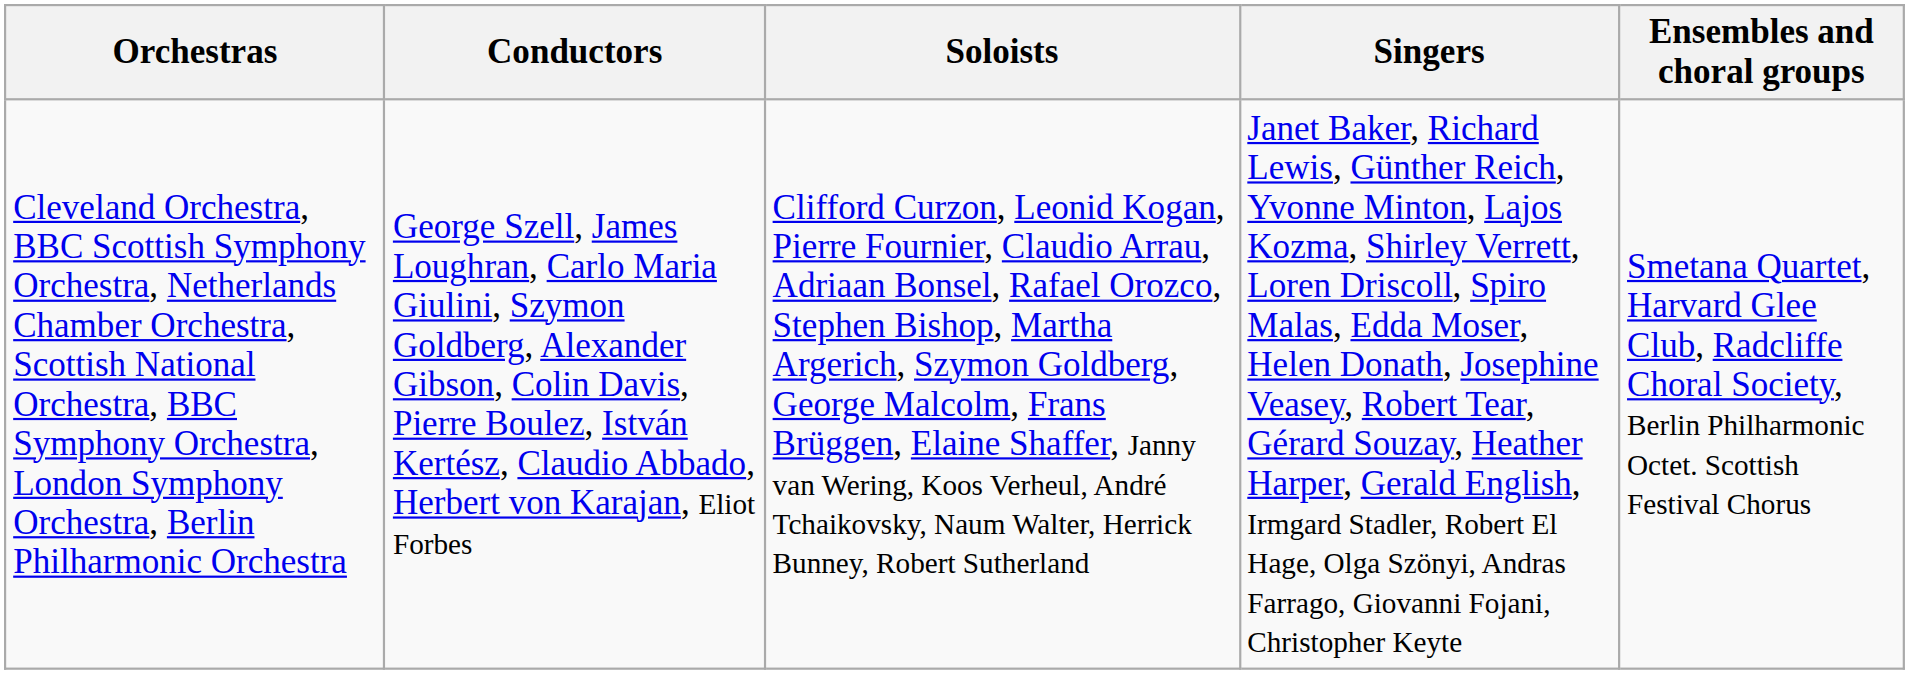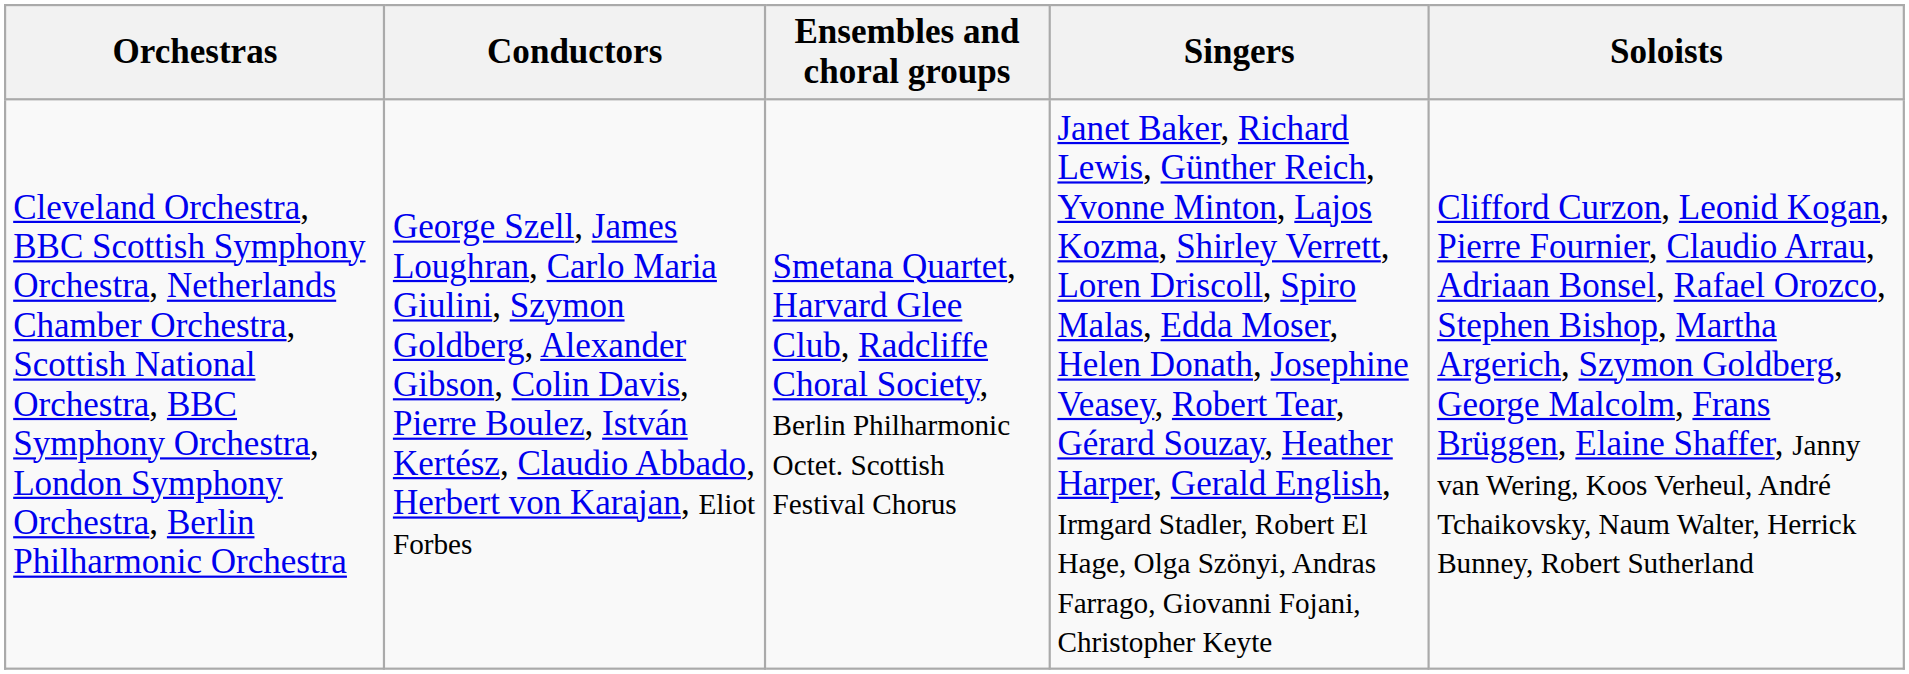 <table class="wikitable toptextcells">
 <tr class="hintergrundfarbe5">
 <th style="width:20%;">Orchestras</th>
 <th style="width:20%;">Conductors</th>
+<th style="width:15%;">Ensembles and choral groups</th>
+<th style="width:20%;">Singers</th>
 <th style="width:25%;">Soloists</th>
-<th style="width:20%;">Singers</th>
-<th style="width:15%;">Ensembles and choral groups</th>
 </tr>
 <tr>
 <td><a href='#'>Cleveland Orchestra</a>, <a href='#'>BBC Scottish Symphony Orchestra</a>, <a href='#'>Netherlands Chamber Orchestra</a>, <a href='#'>Scottish National Orchestra</a>, <a href='#'>BBC Symphony Orchestra</a>, <a href='#'>London Symphony Orchestra</a>, <a href='#'>Berlin Philharmonic Orchestra</a></td>
 <td><a href='#'>George Szell</a>,  <a href='#'>James Loughran</a>, <a href='#'>Carlo Maria Giulini</a>, <a href='#'>Szymon Goldberg</a>, <a href='#'>Alexander Gibson</a>, <a href='#'>Colin Davis</a>, <a href='#'>Pierre Boulez</a>, <a href='#'>István Kertész</a>, <a href='#'>Claudio Abbado</a>, <a href='#'>Herbert von Karajan</a>, <small>Eliot Forbes</small></td>
+<td><a href='#'>Smetana Quartet</a>, <a href='#'>Harvard Glee Club</a>, <a href='#'>Radcliffe Choral Society</a>, <small>Berlin Philharmonic Octet. Scottish Festival Chorus</small></td>
+<td><a href='#'>Janet Baker</a>, <a href='#'>Richard Lewis</a>, <a href='#'>Günther Reich</a>, <a href='#'>Yvonne Minton</a>, <a href='#'>Lajos Kozma</a>, <a href='#'>Shirley Verrett</a>, <a href='#'>Loren Driscoll</a>, <a href='#'>Spiro Malas</a>, <a href='#'>Edda Moser</a>, <a href='#'>Helen Donath</a>, <a href='#'>Josephine Veasey</a>, <a href='#'>Robert Tear</a>, <a href='#'>Gérard Souzay</a>, <a href='#'>Heather Harper</a>, <a href='#'>Gerald English</a>, <small>Irmgard Stadler, Robert El Hage, Olga Szönyi, Andras Farrago, Giovanni Fojani, Christopher Keyte</small></td>
 <td><a href='#'>Clifford Curzon</a>, <a href='#'>Leonid Kogan</a>, <a href='#'>Pierre Fournier</a>, <a href='#'>Claudio Arrau</a>, <a href='#'>Adriaan Bonsel</a>, <a href='#'>Rafael Orozco</a>, <a href='#'>Stephen Bishop</a>, <a href='#'>Martha Argerich</a>, <a href='#'>Szymon Goldberg</a>, <a href='#'>George Malcolm</a>, <a href='#'>Frans Brüggen</a>, <a href='#'>Elaine Shaffer</a>, <small>Janny van Wering, Koos Verheul, André Tchaikovsky, Naum Walter, Herrick Bunney, Robert Sutherland</small></td>
-<td><a href='#'>Janet Baker</a>, <a href='#'>Richard Lewis</a>, <a href='#'>Günther Reich</a>, <a href='#'>Yvonne Minton</a>, <a href='#'>Lajos Kozma</a>, <a href='#'>Shirley Verrett</a>, <a href='#'>Loren Driscoll</a>, <a href='#'>Spiro Malas</a>, <a href='#'>Edda Moser</a>, <a href='#'>Helen Donath</a>, <a href='#'>Josephine Veasey</a>, <a href='#'>Robert Tear</a>, <a href='#'>Gérard Souzay</a>, <a href='#'>Heather Harper</a>, <a href='#'>Gerald English</a>, <small>Irmgard Stadler, Robert El Hage, Olga Szönyi, Andras Farrago, Giovanni Fojani, Christopher Keyte</small></td>
-<td><a href='#'>Smetana Quartet</a>, <a href='#'>Harvard Glee Club</a>, <a href='#'>Radcliffe Choral Society</a>, <small>Berlin Philharmonic Octet. Scottish Festival Chorus</small></td>
 </tr>
 </table>
